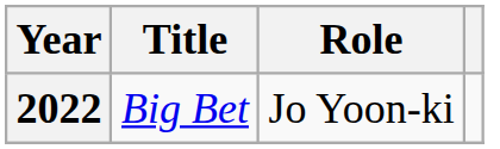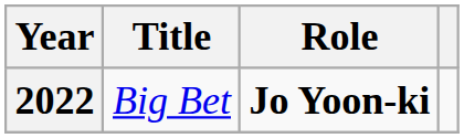 <table class="wikitable plainrowheaders">
 <tr>
 <th scope="col">Year</th>
 <th scope="col">Title</th>
 <th scope="col">Role</th>
 <th scope="col" class="unsortable"></th>
 </tr>
 <tr>
 <th scope="row">2022</th>
 <td><em><a href='#'>Big Bet</a></em></td>
-<td>Jo Yoon-ki</td>
+<td><strong>Jo Yoon-ki</strong></td>
 <td></td>
 </tr>
 <tr>
 </tr>
 </table>
